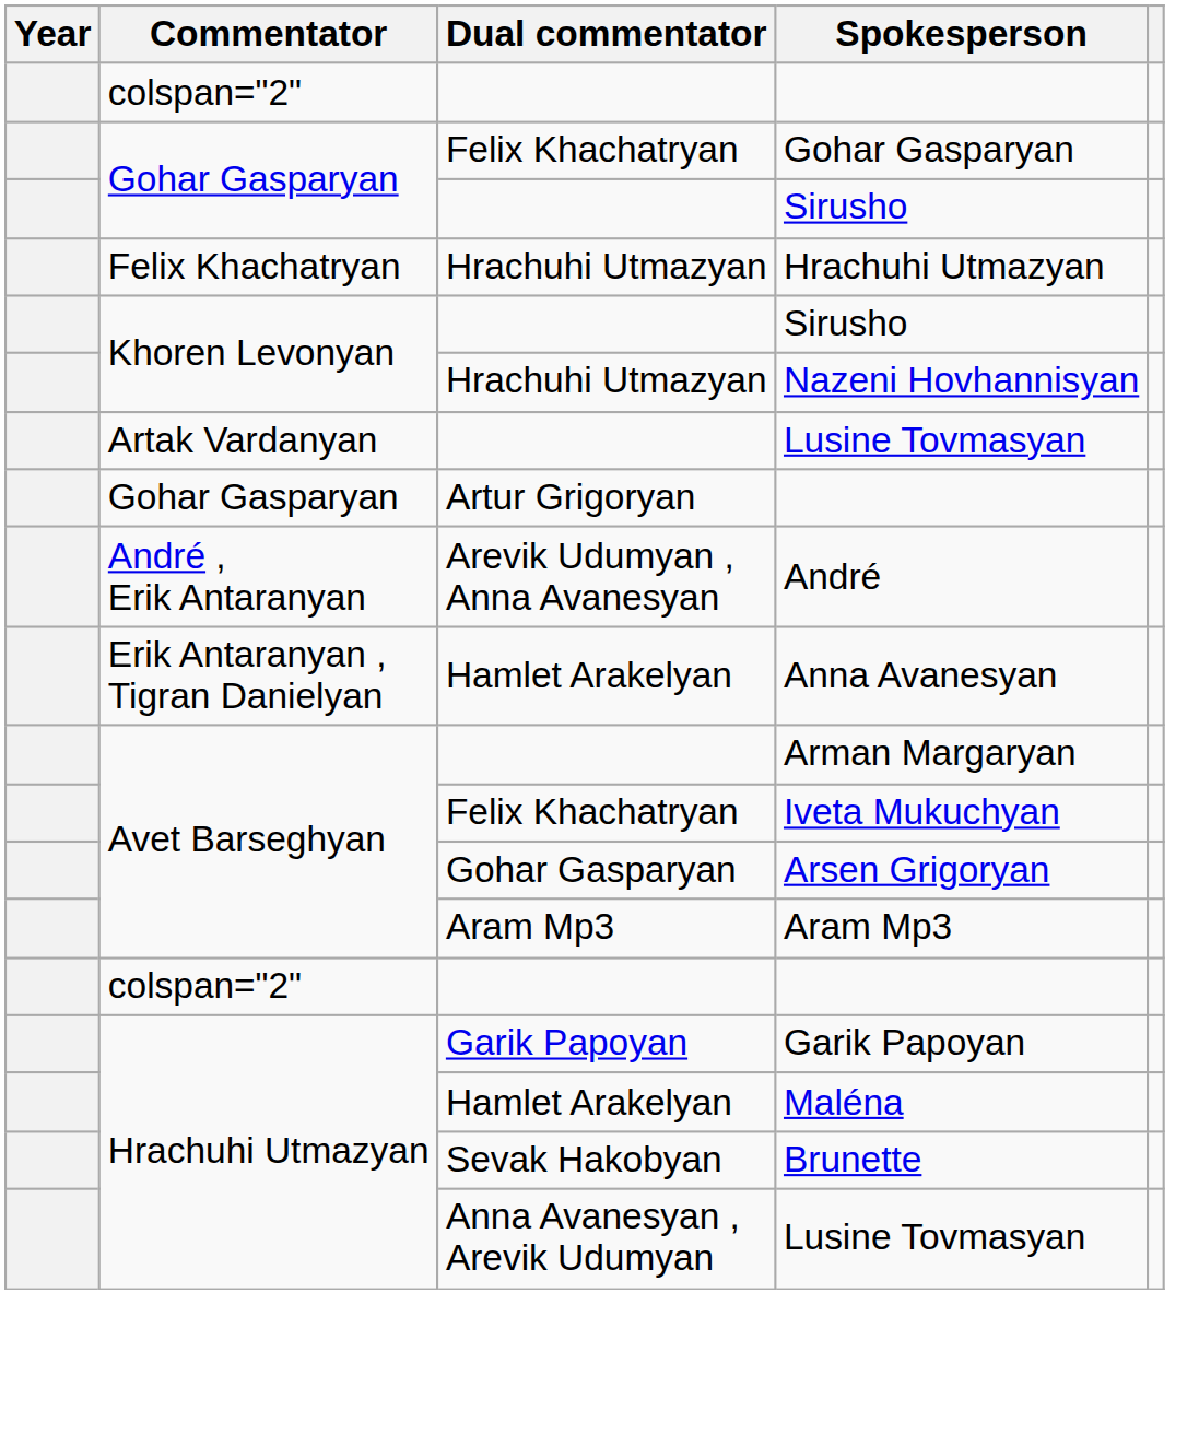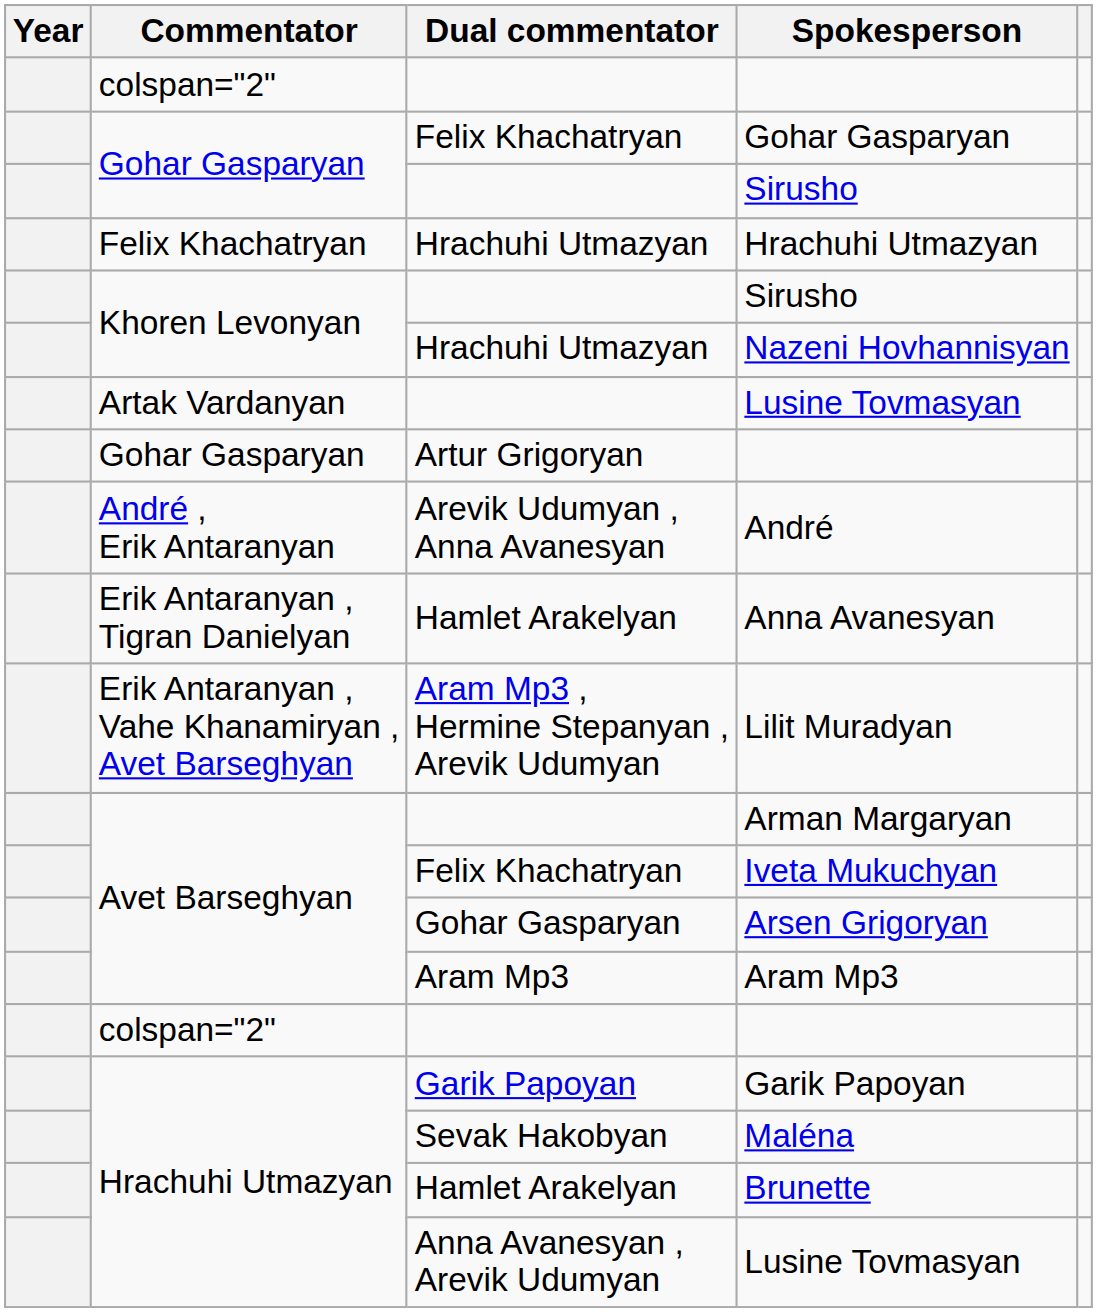 <table class="wikitable sortable plainrowheaders">
 <tr>
 <th scope="col">Year</th>
 <th scope="col">Commentator</th>
 <th scope="col">Dual commentator</th>
 <th scope="col">Spokesperson</th>
 <th scope="col" class="unsortable"></th>
 </tr>
 <tr>
 <th scope="row"></th>
 <td>colspan="2"</td>
 <td></td>
 <td></td>
 </tr>
 <tr>
 <th scope="row"></th>
 <td rowspan="2"><a href='#'>Gohar Gasparyan</a></td>
 <td>Felix Khachatryan</td>
 <td>Gohar Gasparyan</td>
 <td></td>
 </tr>
 <tr>
 <th scope="row"></th>
 <td></td>
 <td><a href='#'>Sirusho</a></td>
 <td></td>
 </tr>
 <tr>
 <th scope="row"></th>
 <td>Felix Khachatryan</td>
 <td>Hrachuhi Utmazyan</td>
 <td>Hrachuhi Utmazyan</td>
 <td></td>
 </tr>
 <tr>
 <th scope="row"></th>
 <td rowspan="2">Khoren Levonyan</td>
 <td></td>
 <td>Sirusho</td>
 <td></td>
 </tr>
 <tr>
 <th scope="row"></th>
 <td>Hrachuhi Utmazyan</td>
 <td><a href='#'>Nazeni Hovhannisyan</a></td>
 <td></td>
 </tr>
 <tr>
 <th scope="row"></th>
 <td>Artak Vardanyan</td>
 <td></td>
 <td><a href='#'>Lusine Tovmasyan</a></td>
 <td></td>
 </tr>
 <tr>
 <th scope="row"></th>
 <td>Gohar Gasparyan</td>
 <td>Artur Grigoryan</td>
 <td></td>
 <td></td>
 </tr>
 <tr>
 <th scope="row"></th>
 <td><a href='#'>André</a> ,<br>Erik Antaranyan </td>
 <td>Arevik Udumyan ,<br>Anna Avanesyan </td>
 <td>André</td>
 <td></td>
 </tr>
 <tr>
 <th scope="row"></th>
 <td>Erik Antaranyan ,<br>Tigran Danielyan </td>
 <td>Hamlet Arakelyan</td>
 <td>Anna Avanesyan</td>
 <td></td>
 </tr>
 <tr>
 <th scope="row"></th>
+<td>Erik Antaranyan ,<br> Vahe Khanamiryan ,<br> <a href='#'>Avet Barseghyan</a> </td>
+<td><a href='#'>Aram Mp3</a> ,<br> Hermine Stepanyan ,<br> Arevik Udumyan </td>
+<td>Lilit Muradyan</td>
+<td></td>
+</tr>
+<tr>
+<th scope="row"></th>
 <td rowspan="4">Avet Barseghyan</td>
 <td></td>
 <td>Arman Margaryan</td>
 <td></td>
 </tr>
 <tr>
 <th scope="row"></th>
 <td>Felix Khachatryan</td>
 <td><a href='#'>Iveta Mukuchyan</a></td>
 <td></td>
 </tr>
 <tr>
 <th scope="row"></th>
 <td>Gohar Gasparyan</td>
 <td><a href='#'>Arsen Grigoryan</a></td>
 <td></td>
 </tr>
 <tr>
 <th scope="row"></th>
 <td>Aram Mp3</td>
 <td>Aram Mp3</td>
 <td></td>
 </tr>
 <tr>
 <th scope="row"></th>
 <td>colspan="2" </td>
 <td></td>
 <td></td>
 </tr>
 <tr>
 <th scope="row"></th>
 <td rowspan="4">Hrachuhi Utmazyan</td>
 <td><a href='#'>Garik Papoyan</a></td>
 <td>Garik Papoyan</td>
 <td></td>
 </tr>
 <tr>
 <th scope="row"></th>
-<td>Hamlet Arakelyan</td>
+<td>Sevak Hakobyan</td>
 <td><a href='#'>Maléna</a></td>
 <td></td>
 </tr>
 <tr>
 <th scope="row"></th>
-<td>Sevak Hakobyan</td>
+<td>Hamlet Arakelyan</td>
 <td><a href='#'>Brunette</a></td>
 <td></td>
 </tr>
 <tr>
 <th scope="row"></th>
 <td>Anna Avanesyan ,<br> Arevik Udumyan </td>
 <td>Lusine Tovmasyan</td>
 <td></td>
 </tr>
 </table>
